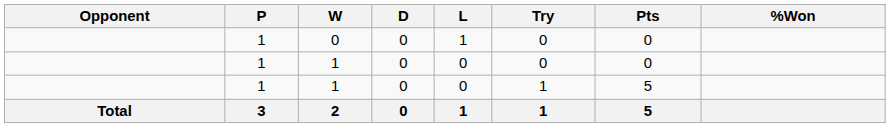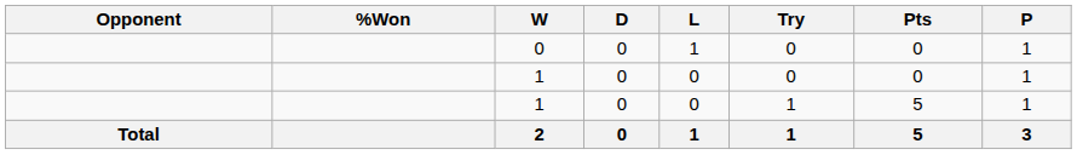 <table class="wikitable sortable" style="text-align:center;width:75%">
 <tr>
 <th style="width:25%;">Opponent</th>
-<th abbr="Played" style="width:15px;">P</th>
+<th abbr="Won" style="width:15px;">%Won</th>
 <th abbr="Won" style="width:10px;">W</th>
 <th abbr="Drawn" style="width:10px;">D</th>
 <th abbr="Lost" style="width:10px;">L</th>
 <th abbr="Tries" style="width:15px;">Try</th>
 <th abbr="Points" style="width:18px;">Pts</th>
-<th abbr="Won" style="width:15px;">%Won</th>
+<th abbr="Played" style="width:15px;">P</th>
 </tr>
 <tr>
 <td align="left"></td>
-<td>1</td>
+<td></td>
 <td>0</td>
 <td>0</td>
 <td>1</td>
 <td>0</td>
 <td>0</td>
-<td></td>
+<td>1</td>
 </tr>
 <tr>
 <td align="left"></td>
-<td>1</td>
+<td></td>
 <td>1</td>
 <td>0</td>
 <td>0</td>
 <td>0</td>
 <td>0</td>
-<td></td>
+<td>1</td>
 </tr>
 <tr>
 <td align="left"></td>
-<td>1</td>
+<td></td>
 <td>1</td>
 <td>0</td>
 <td>0</td>
 <td>1</td>
 <td>5</td>
-<td></td>
+<td>1</td>
 </tr>
 <tr>
 <th>Total</th>
-<th>3</th>
+<th></th>
 <th>2</th>
 <th>0</th>
 <th>1</th>
 <th>1</th>
 <th>5</th>
-<th></th>
+<th>3</th>
 </tr>
 </table>
